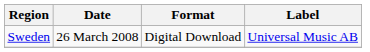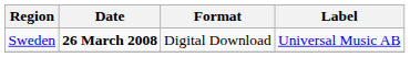 <table class=wikitable>
 <tr>
 <th>Region</th>
 <th>Date</th>
 <th>Format</th>
 <th>Label</th>
 </tr>
 <tr>
 <td><a href='#'>Sweden</a></td>
-<td>26 March 2008</td>
+<td><strong>26 March 2008</strong></td>
 <td>Digital Download</td>
 <td><a href='#'>Universal Music AB</a></td>
 </tr>
 <tr>
 </tr>
 </table>
